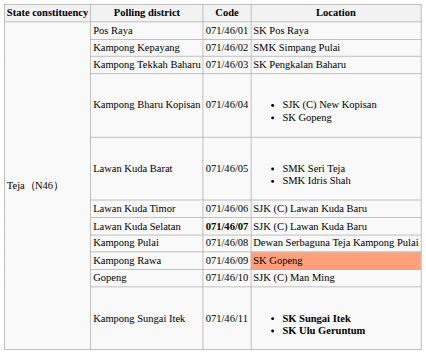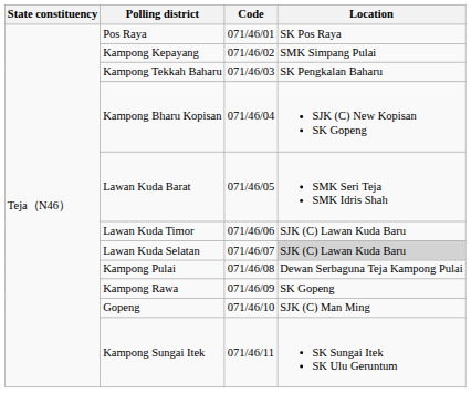 <table class="wikitable sortable mw-collapsible" style="white-space:nowrap;font-size:90%">
 <tr>
 <th>State constituency</th>
 <th>Polling district</th>
 <th>Code</th>
 <th>Location</th>
 </tr>
 <tr>
 <td rowspan="11">Teja（N46）</td>
 <td>Pos Raya</td>
 <td>071/46/01</td>
 <td>SK Pos Raya</td>
 </tr>
 <tr>
 <td>Kampong Kepayang</td>
 <td>071/46/02</td>
 <td>SMK Simpang Pulai</td>
 </tr>
 <tr>
 <td>Kampong Tekkah Baharu</td>
 <td>071/46/03</td>
 <td>SK Pengkalan Baharu</td>
 </tr>
 <tr>
 <td>Kampong Bharu Kopisan</td>
 <td>071/46/04</td>
 <td><br><ul><li>SJK (C) New Kopisan</li><li>SK Gopeng</li></ul></td>
 </tr>
 <tr>
 <td>Lawan Kuda Barat</td>
 <td>071/46/05</td>
 <td><br><ul><li>SMK Seri Teja</li><li>SMK Idris Shah</li></ul></td>
 </tr>
 <tr>
 <td>Lawan Kuda Timor</td>
 <td>071/46/06</td>
 <td>SJK (C) Lawan Kuda Baru</td>
 </tr>
 <tr>
 <td>Lawan Kuda Selatan</td>
-<td><strong>071/46/07</strong></td>
-<td>SJK (C) Lawan Kuda Baru</td>
+<td>071/46/07</td>
+<td style="background: lightgrey;">SJK (C) Lawan Kuda Baru</td>
 </tr>
 <tr>
 <td>Kampong Pulai</td>
 <td>071/46/08</td>
 <td>Dewan Serbaguna Teja Kampong Pulai</td>
 </tr>
 <tr>
 <td>Kampong Rawa</td>
 <td>071/46/09</td>
-<td style="background: lightsalmon;">SK Gopeng</td>
+<td>SK Gopeng</td>
 </tr>
 <tr>
 <td>Gopeng</td>
 <td>071/46/10</td>
 <td>SJK (C) Man Ming</td>
 </tr>
 <tr>
 <td>Kampong Sungai Itek</td>
 <td>071/46/11</td>
-<td><strong><br><ul><li>SK Sungai Itek</li><li>SK Ulu Geruntum</li></ul></strong></td>
+<td><br><ul><li>SK Sungai Itek</li><li>SK Ulu Geruntum</li></ul></td>
 </tr>
 </table>
